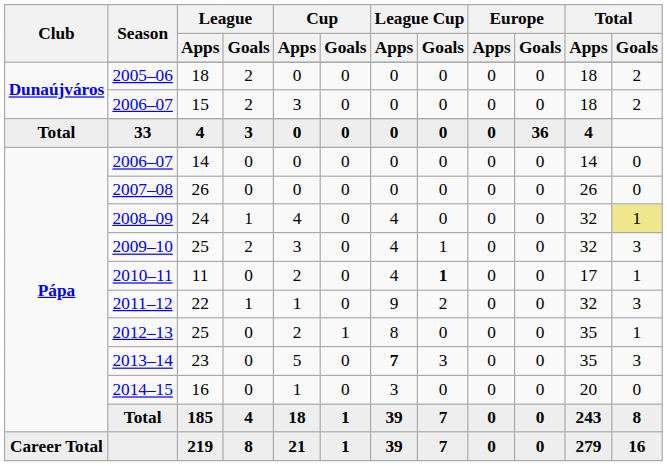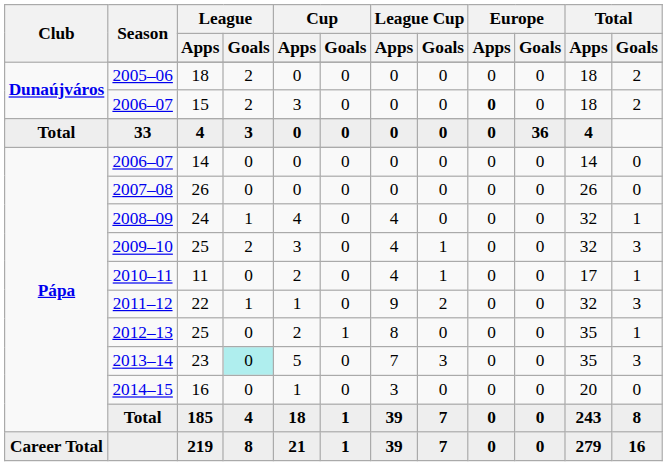 <table class="wikitable" style="font-size:90%; text-align: center;">
 <tr>
 <th rowspan="2">Club</th>
 <th rowspan="2">Season</th>
 <th colspan="2">League</th>
 <th colspan="2">Cup</th>
 <th colspan="2">League Cup</th>
 <th colspan="2">Europe</th>
 <th colspan="2">Total</th>
 </tr>
 <tr>
 <th>Apps</th>
 <th>Goals</th>
 <th>Apps</th>
 <th>Goals</th>
 <th>Apps</th>
 <th>Goals</th>
 <th>Apps</th>
 <th>Goals</th>
 <th>Apps</th>
 <th>Goals</th>
 </tr>
 <tr ||-||-||-|->
 <td rowspan="4" valign="center"><strong><a href='#'>Dunaújváros</a></strong></td>
 </tr>
 <tr>
 <td><a href='#'>2005–06</a></td>
 <td>18</td>
 <td>2</td>
 <td>0</td>
 <td>0</td>
 <td>0</td>
 <td>0</td>
 <td>0</td>
 <td>0</td>
 <td>18</td>
 <td>2</td>
 </tr>
 <tr>
 <td><a href='#'>2006–07</a></td>
 <td>15</td>
 <td>2</td>
 <td>3</td>
 <td>0</td>
 <td>0</td>
 <td>0</td>
-<td>0</td>
+<td><strong>0</strong></td>
 <td>0</td>
 <td>18</td>
 <td>2</td>
 </tr>
 <tr>
 </tr>
 <tr style="font-weight:bold; background-color:#eeeeee;">
 <td>Total</td>
 <td>33</td>
 <td>4</td>
 <td>3</td>
 <td>0</td>
 <td>0</td>
 <td>0</td>
 <td>0</td>
 <td>0</td>
 <td>36</td>
 <td>4</td>
 </tr>
 <tr>
 <td rowspan="11" valign="center"><strong><a href='#'>Pápa</a></strong></td>
 </tr>
 <tr>
 <td><a href='#'>2006–07</a></td>
 <td>14</td>
 <td>0</td>
 <td>0</td>
 <td>0</td>
 <td>0</td>
 <td>0</td>
 <td>0</td>
 <td>0</td>
 <td>14</td>
 <td>0</td>
 </tr>
 <tr>
 <td><a href='#'>2007–08</a></td>
 <td>26</td>
 <td>0</td>
 <td>0</td>
 <td>0</td>
 <td>0</td>
 <td>0</td>
 <td>0</td>
 <td>0</td>
 <td>26</td>
 <td>0</td>
 </tr>
 <tr>
 <td><a href='#'>2008–09</a></td>
 <td>24</td>
 <td>1</td>
 <td>4</td>
 <td>0</td>
 <td>4</td>
 <td>0</td>
 <td>0</td>
 <td>0</td>
 <td>32</td>
-<td style="background: khaki;">1</td>
+<td>1</td>
 </tr>
 <tr>
 <td><a href='#'>2009–10</a></td>
 <td>25</td>
 <td>2</td>
 <td>3</td>
 <td>0</td>
 <td>4</td>
 <td>1</td>
 <td>0</td>
 <td>0</td>
 <td>32</td>
 <td>3</td>
 </tr>
 <tr>
 <td><a href='#'>2010–11</a></td>
 <td>11</td>
 <td>0</td>
 <td>2</td>
 <td>0</td>
 <td>4</td>
-<td><strong>1</strong></td>
+<td>1</td>
 <td>0</td>
 <td>0</td>
 <td>17</td>
 <td>1</td>
 </tr>
 <tr>
 <td><a href='#'>2011–12</a></td>
 <td>22</td>
 <td>1</td>
 <td>1</td>
 <td>0</td>
 <td>9</td>
 <td>2</td>
 <td>0</td>
 <td>0</td>
 <td>32</td>
 <td>3</td>
 </tr>
 <tr>
 <td><a href='#'>2012–13</a></td>
 <td>25</td>
 <td>0</td>
 <td>2</td>
 <td>1</td>
 <td>8</td>
 <td>0</td>
 <td>0</td>
 <td>0</td>
 <td>35</td>
 <td>1</td>
 </tr>
 <tr>
 <td><a href='#'>2013–14</a></td>
 <td>23</td>
-<td>0</td>
+<td style="background: paleturquoise;">0</td>
 <td>5</td>
 <td>0</td>
-<td><strong>7</strong></td>
+<td>7</td>
 <td>3</td>
 <td>0</td>
 <td>0</td>
 <td>35</td>
 <td>3</td>
 </tr>
 <tr>
 <td><a href='#'>2014–15</a></td>
 <td>16</td>
 <td>0</td>
 <td>1</td>
 <td>0</td>
 <td>3</td>
 <td>0</td>
 <td>0</td>
 <td>0</td>
 <td>20</td>
 <td>0</td>
 </tr>
 <tr style="font-weight:bold; background-color:#eeeeee;">
 <td>Total</td>
 <td>185</td>
 <td>4</td>
 <td>18</td>
 <td>1</td>
 <td>39</td>
 <td>7</td>
 <td>0</td>
 <td>0</td>
 <td>243</td>
 <td>8</td>
 </tr>
 <tr style="font-weight:bold; background-color:#eeeeee;">
 <td rowspan="2" valign="top"><strong>Career Total</strong></td>
 <td></td>
 <td><strong>219</strong></td>
 <td><strong>8</strong></td>
 <td><strong>21</strong></td>
 <td><strong>1</strong></td>
 <td><strong>39</strong></td>
 <td><strong>7</strong></td>
 <td><strong>0</strong></td>
 <td><strong>0</strong></td>
 <td><strong>279</strong></td>
 <td><strong>16</strong></td>
 </tr>
 </table>
